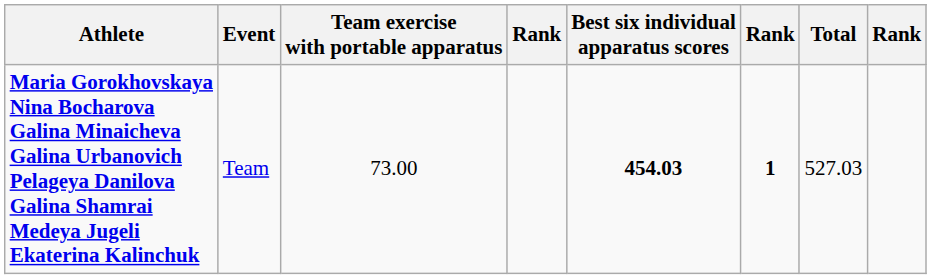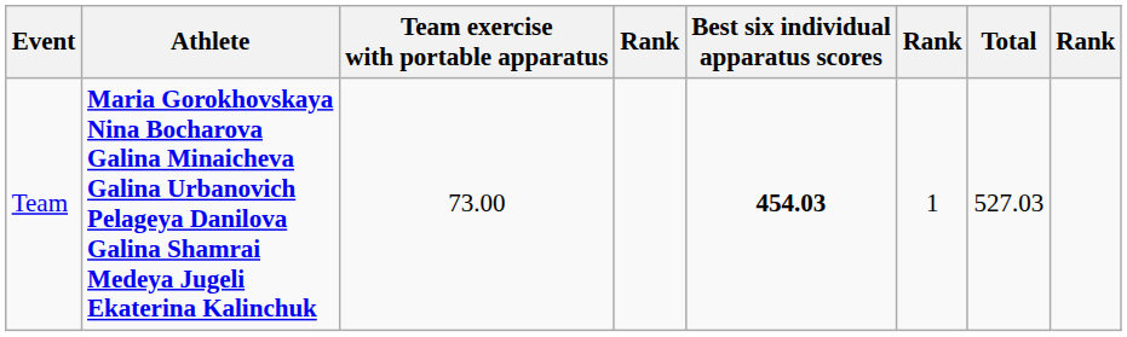 <table class="wikitable" style="font-size:90%">
 <tr>
+<th>Event</th>
 <th>Athlete</th>
-<th>Event</th>
 <th>Team exercise <br>with portable apparatus</th>
 <th>Rank</th>
 <th>Best six individual<br> apparatus scores</th>
 <th>Rank</th>
 <th>Total</th>
 <th>Rank</th>
 </tr>
 <tr align=center>
+<td align=left><a href='#'>Team</a></td>
 <td align=left><strong><a href='#'>Maria Gorokhovskaya</a> <br> <a href='#'>Nina Bocharova</a><br><a href='#'>Galina Minaicheva</a><br><a href='#'>Galina Urbanovich</a><br><a href='#'>Pelageya Danilova</a><br><a href='#'>Galina Shamrai</a><br><a href='#'>Medeya Jugeli</a><br><a href='#'>Ekaterina Kalinchuk</a></strong></td>
-<td align=left><a href='#'>Team</a></td>
 <td>73.00</td>
 <td></td>
 <td><strong>454.03</strong></td>
-<td><strong>1</strong></td>
+<td>1</td>
 <td>527.03</td>
 <td></td>
 </tr>
 </table>
